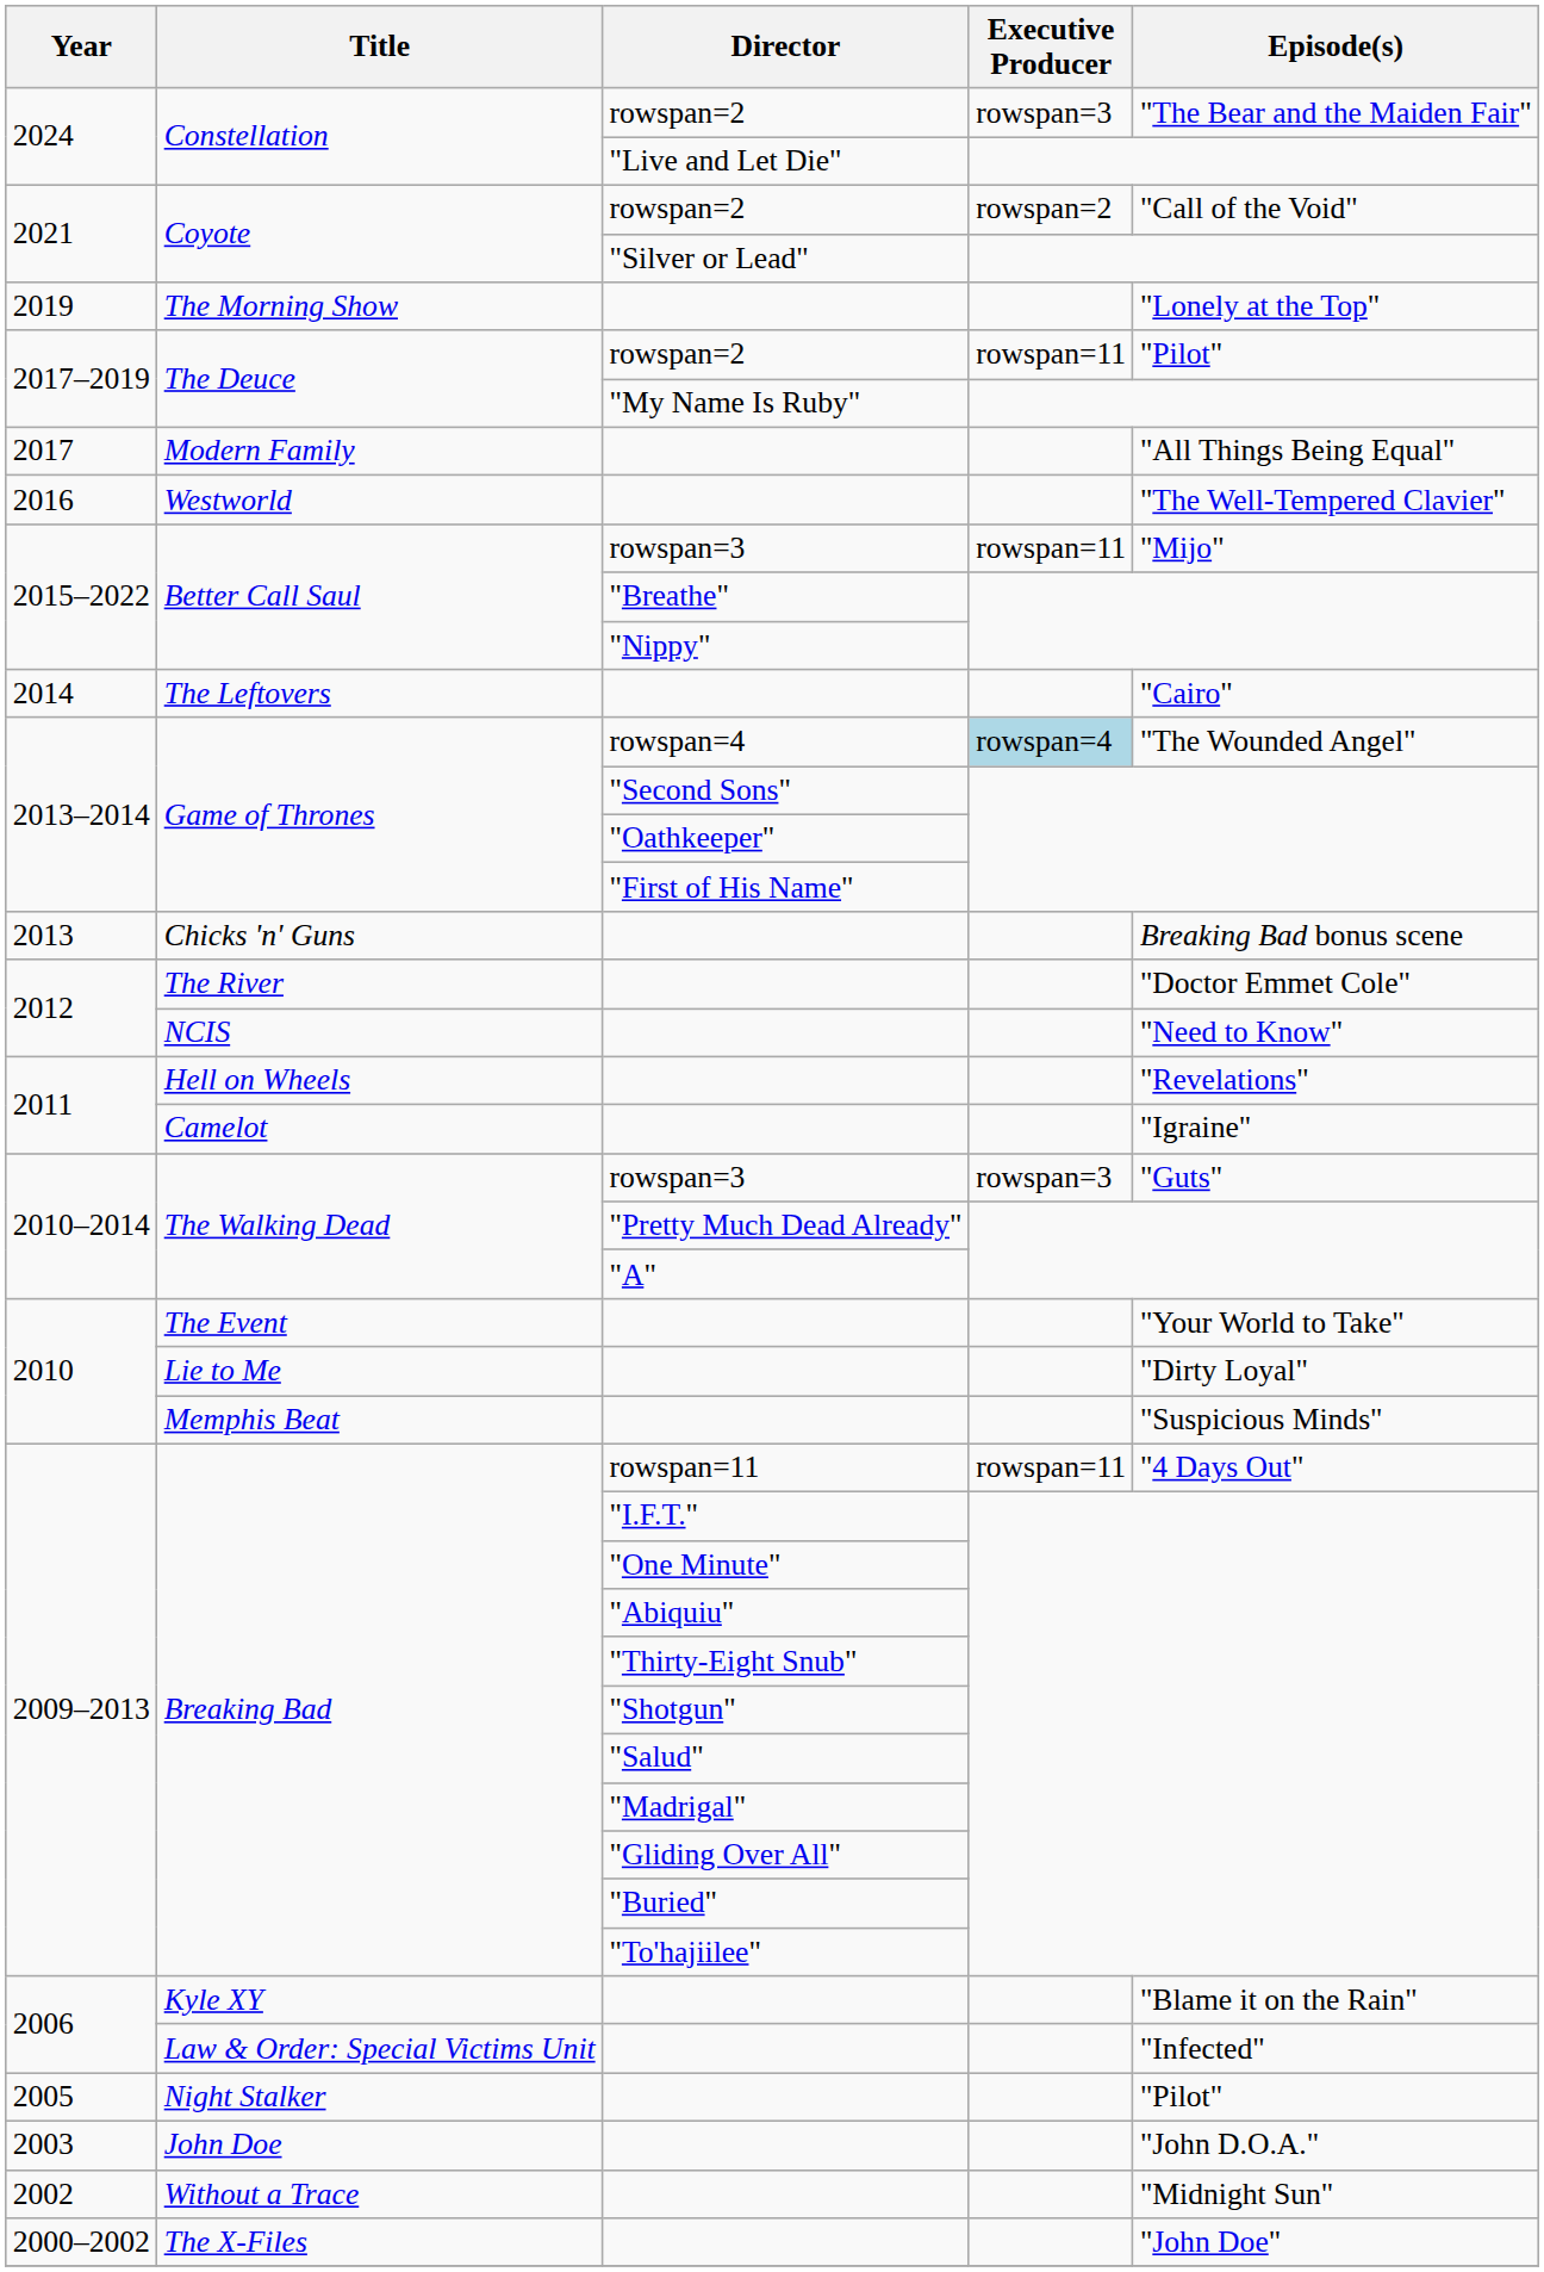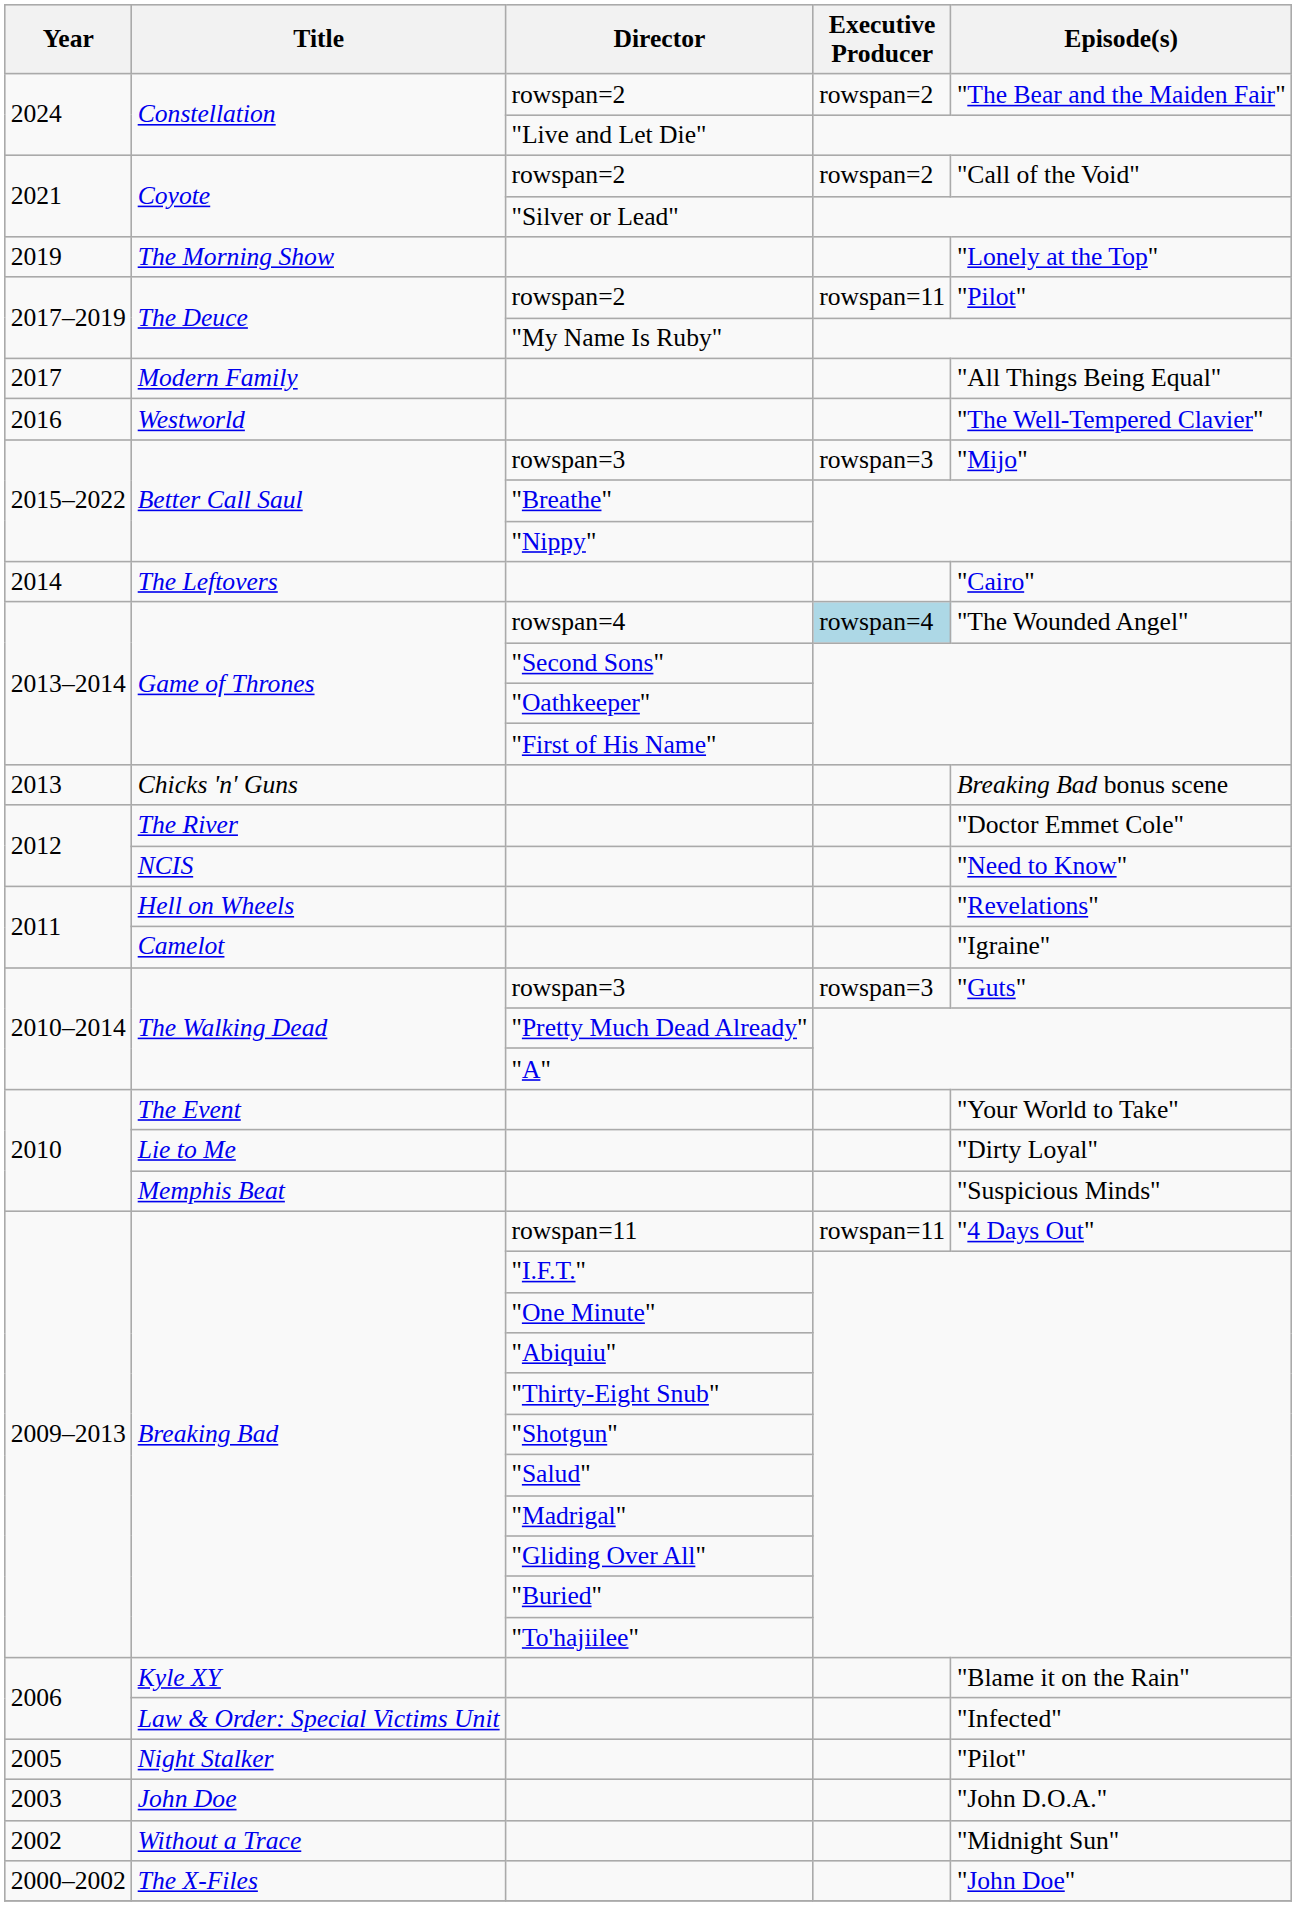 <table class="wikitable">
 <tr>
 <th>Year</th>
 <th>Title</th>
 <th>Director</th>
 <th>Executive<br>Producer</th>
 <th>Episode(s)</th>
 </tr>
 <tr>
 <td rowspan=2>2024</td>
 <td rowspan=2><em><a href='#'>Constellation</a></em></td>
 <td>rowspan=2 </td>
-<td>rowspan=3 </td>
+<td>rowspan=2 </td>
 <td>"<a href='#'>The Bear and the Maiden Fair</a>"</td>
 </tr>
 <tr>
 <td>"Live and Let Die"</td>
 </tr>
 <tr>
 <td rowspan=2>2021</td>
 <td rowspan=2><em><a href='#'>Coyote</a></em></td>
 <td>rowspan=2 </td>
 <td>rowspan=2 </td>
 <td>"Call of the Void"</td>
 </tr>
 <tr>
 <td>"Silver or Lead"</td>
 </tr>
 <tr>
 <td>2019</td>
 <td><em><a href='#'>The Morning Show</a></em></td>
 <td></td>
 <td></td>
 <td>"<a href='#'>Lonely at the Top</a>"</td>
 </tr>
 <tr>
 <td rowspan=2>2017–2019</td>
 <td rowspan=2><em><a href='#'>The Deuce</a></em></td>
 <td>rowspan=2 </td>
 <td>rowspan=11 </td>
 <td>"<a href='#'>Pilot</a>"</td>
 </tr>
 <tr>
 <td>"My Name Is Ruby"</td>
 </tr>
 <tr>
 <td>2017</td>
 <td><em><a href='#'>Modern Family</a></em></td>
 <td></td>
 <td></td>
 <td>"All Things Being Equal"</td>
 </tr>
 <tr>
 <td>2016</td>
 <td><em><a href='#'>Westworld</a></em></td>
 <td></td>
 <td></td>
 <td>"<a href='#'>The Well-Tempered Clavier</a>"</td>
 </tr>
 <tr>
 <td rowspan=3>2015–2022</td>
 <td rowspan=3><em><a href='#'>Better Call Saul</a></em></td>
 <td>rowspan=3 </td>
-<td>rowspan=11 </td>
+<td>rowspan=3 </td>
 <td>"<a href='#'>Mijo</a>"</td>
 </tr>
 <tr>
 <td>"<a href='#'>Breathe</a>"</td>
 </tr>
 <tr>
 <td>"<a href='#'>Nippy</a>"</td>
 </tr>
 <tr>
 <td>2014</td>
 <td><em><a href='#'>The Leftovers</a></em></td>
 <td></td>
 <td></td>
 <td>"<a href='#'>Cairo</a>"</td>
 </tr>
 <tr>
 <td rowspan=4>2013–2014</td>
 <td rowspan=4><em><a href='#'>Game of Thrones</a></em></td>
 <td>rowspan=4 </td>
 <td style="background: lightblue;">rowspan=4 </td>
 <td>"The Wounded Angel"</td>
 </tr>
 <tr>
 <td>"<a href='#'>Second Sons</a>"</td>
 </tr>
 <tr>
 <td>"<a href='#'>Oathkeeper</a>"</td>
 </tr>
 <tr>
 <td>"<a href='#'>First of His Name</a>"</td>
 </tr>
 <tr>
 <td>2013</td>
 <td><em>Chicks 'n' Guns</em></td>
 <td></td>
 <td></td>
 <td><em>Breaking Bad</em> bonus scene</td>
 </tr>
 <tr>
 <td rowspan=2>2012</td>
 <td><em><a href='#'>The River</a></em></td>
 <td></td>
 <td></td>
 <td>"Doctor Emmet Cole"</td>
 </tr>
 <tr>
 <td><em><a href='#'>NCIS</a></em></td>
 <td></td>
 <td></td>
 <td>"<a href='#'>Need to Know</a>"</td>
 </tr>
 <tr>
 <td rowspan=2>2011</td>
 <td><em><a href='#'>Hell on Wheels</a></em></td>
 <td></td>
 <td></td>
 <td>"<a href='#'>Revelations</a>"</td>
 </tr>
 <tr>
 <td><em><a href='#'>Camelot</a></em></td>
 <td></td>
 <td></td>
 <td>"Igraine"</td>
 </tr>
 <tr>
 <td rowspan=3>2010–2014</td>
 <td rowspan=3><em><a href='#'>The Walking Dead</a></em></td>
 <td>rowspan=3 </td>
 <td>rowspan=3 </td>
 <td>"<a href='#'>Guts</a>"</td>
 </tr>
 <tr>
 <td>"<a href='#'>Pretty Much Dead Already</a>"</td>
 </tr>
 <tr>
 <td>"<a href='#'>A</a>"</td>
 </tr>
 <tr>
 <td rowspan=3>2010</td>
 <td><em><a href='#'>The Event</a></em></td>
 <td></td>
 <td></td>
 <td>"Your World to Take"</td>
 </tr>
 <tr>
 <td><em><a href='#'>Lie to Me</a></em></td>
 <td></td>
 <td></td>
 <td>"Dirty Loyal"</td>
 </tr>
 <tr>
 <td><em><a href='#'>Memphis Beat</a></em></td>
 <td></td>
 <td></td>
 <td>"Suspicious Minds"</td>
 </tr>
 <tr>
 <td rowspan=11>2009–2013</td>
 <td rowspan=11><em><a href='#'>Breaking Bad</a></em></td>
 <td>rowspan=11 </td>
 <td>rowspan=11 </td>
 <td>"<a href='#'>4 Days Out</a>"</td>
 </tr>
 <tr>
 <td>"<a href='#'>I.F.T.</a>"</td>
 </tr>
 <tr>
 <td>"<a href='#'>One Minute</a>"</td>
 </tr>
 <tr>
 <td>"<a href='#'>Abiquiu</a>"</td>
 </tr>
 <tr>
 <td>"<a href='#'>Thirty-Eight Snub</a>"</td>
 </tr>
 <tr>
 <td>"<a href='#'>Shotgun</a>"</td>
 </tr>
 <tr>
 <td>"<a href='#'>Salud</a>"</td>
 </tr>
 <tr>
 <td>"<a href='#'>Madrigal</a>"</td>
 </tr>
 <tr>
 <td>"<a href='#'>Gliding Over All</a>"</td>
 </tr>
 <tr>
 <td>"<a href='#'>Buried</a>"</td>
 </tr>
 <tr>
 <td>"<a href='#'>To'hajiilee</a>"</td>
 </tr>
 <tr>
 <td rowspan=2>2006</td>
 <td><em><a href='#'>Kyle XY</a></em></td>
 <td></td>
 <td></td>
 <td>"Blame it on the Rain"</td>
 </tr>
 <tr>
 <td><em><a href='#'>Law & Order: Special Victims Unit</a></em></td>
 <td></td>
 <td></td>
 <td>"Infected"</td>
 </tr>
 <tr>
 <td>2005</td>
 <td><em><a href='#'>Night Stalker</a></em></td>
 <td></td>
 <td></td>
 <td>"Pilot"</td>
 </tr>
 <tr>
 <td>2003</td>
 <td><em><a href='#'>John Doe</a></em></td>
 <td></td>
 <td></td>
 <td>"John D.O.A."</td>
 </tr>
 <tr>
 <td>2002</td>
 <td><em><a href='#'>Without a Trace</a></em></td>
 <td></td>
 <td></td>
 <td>"Midnight Sun"</td>
 </tr>
 <tr>
 <td>2000–2002</td>
 <td><em><a href='#'>The X-Files</a></em></td>
 <td></td>
 <td></td>
 <td>"<a href='#'>John Doe</a>"</td>
 </tr>
 <tr>
 </tr>
 </table>
